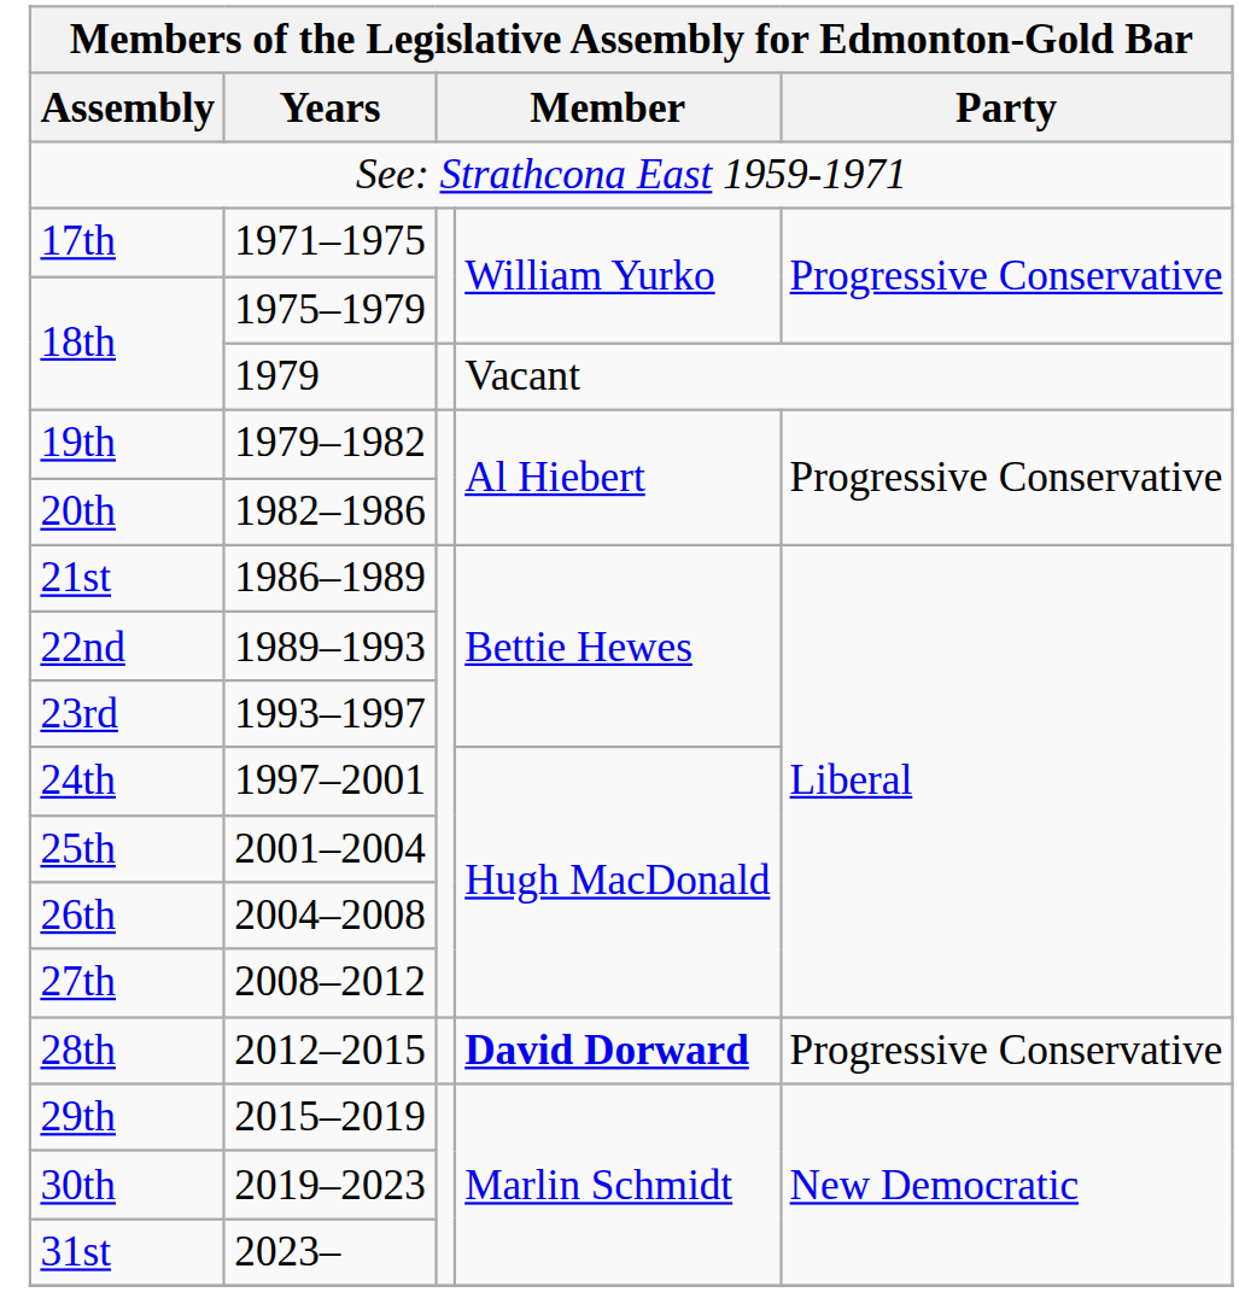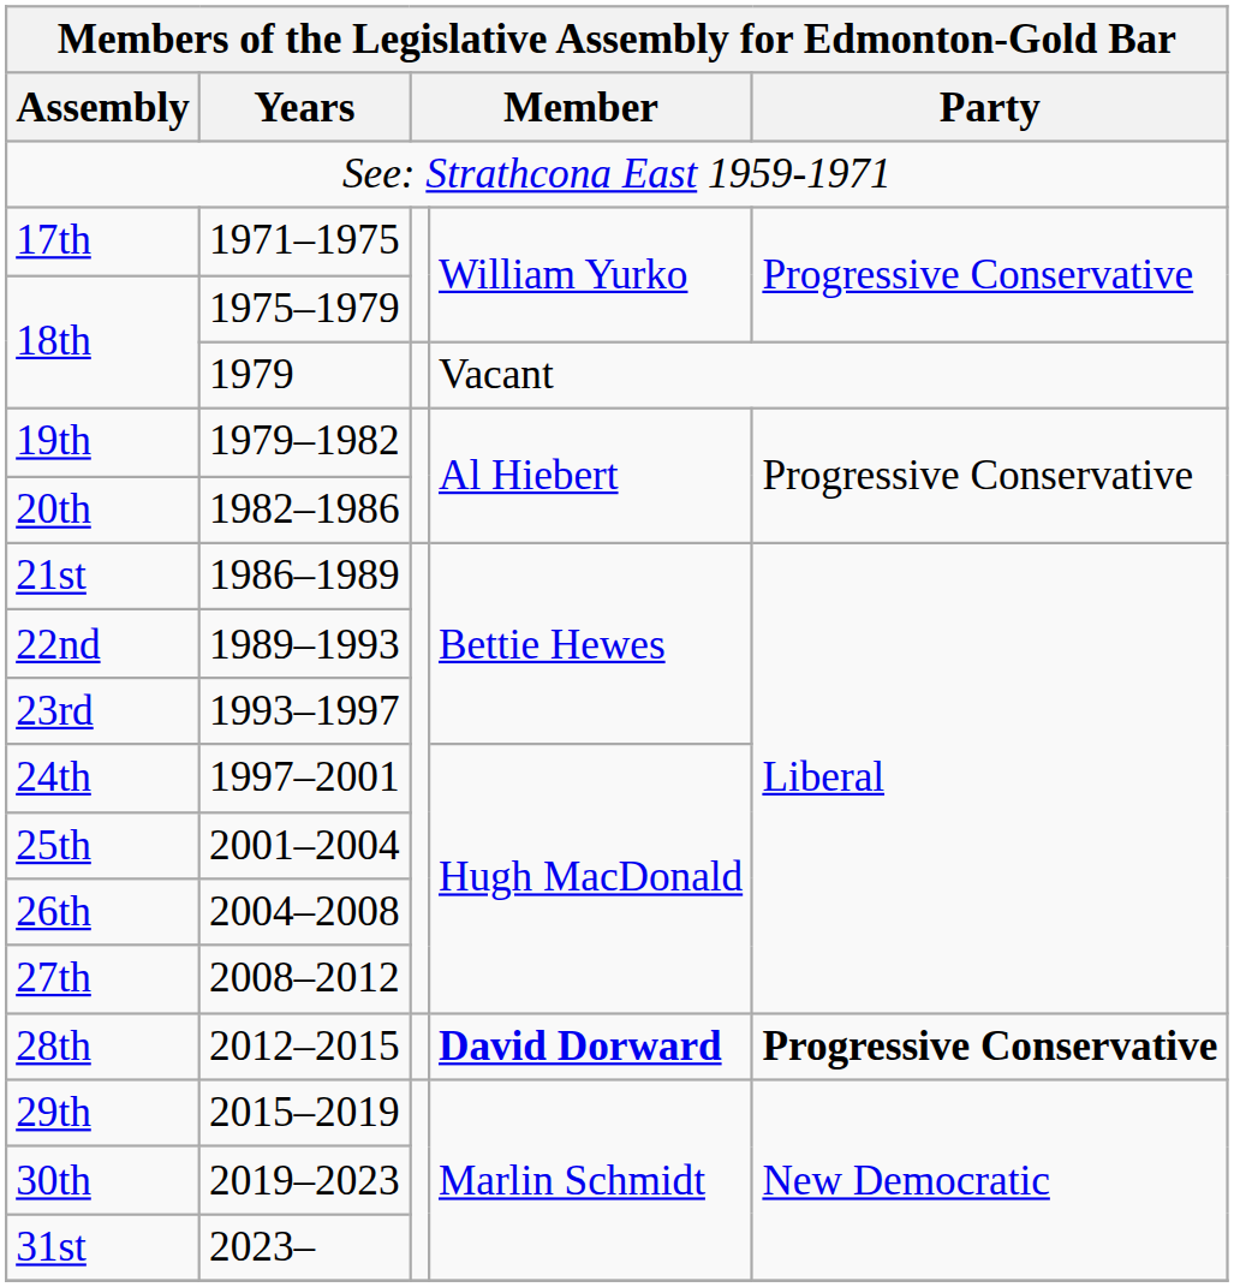 <table class="wikitable" align=right>
 <tr>
 <th colspan=5>Members of the Legislative Assembly for Edmonton-Gold Bar</th>
 </tr>
 <tr>
 <th>Assembly</th>
 <th>Years</th>
 <th colspan="2">Member</th>
 <th>Party</th>
 </tr>
 <tr>
 <td align="center" colspan=5><em>See: <a href='#'>Strathcona East</a> 1959-1971</em></td>
 </tr>
 <tr>
 <td><a href='#'>17th</a></td>
 <td>1971–1975</td>
 <td rowspan=2 ></td>
 <td rowspan=2><a href='#'>William Yurko</a></td>
 <td rowspan=2><a href='#'>Progressive Conservative</a></td>
 </tr>
 <tr>
 <td rowspan=2><a href='#'>18th</a></td>
 <td>1975–1979</td>
 </tr>
 <tr>
 <td>1979</td>
 <td></td>
 <td colspan=2>Vacant</td>
 </tr>
 <tr>
 <td><a href='#'>19th</a></td>
 <td>1979–1982</td>
 <td rowspan=2 ></td>
 <td rowspan=2><a href='#'>Al Hiebert</a></td>
 <td rowspan=2>Progressive Conservative</td>
 </tr>
 <tr>
 <td><a href='#'>20th</a></td>
 <td>1982–1986</td>
 </tr>
 <tr>
 <td><a href='#'>21st</a></td>
 <td>1986–1989</td>
 <td rowspan=7 ></td>
 <td rowspan=3><a href='#'>Bettie Hewes</a></td>
 <td rowspan=7><a href='#'>Liberal</a></td>
 </tr>
 <tr>
 <td><a href='#'>22nd</a></td>
 <td>1989–1993</td>
 </tr>
 <tr>
 <td><a href='#'>23rd</a></td>
 <td>1993–1997</td>
 </tr>
 <tr>
 <td><a href='#'>24th</a></td>
 <td>1997–2001</td>
 <td rowspan=4><a href='#'>Hugh MacDonald</a></td>
 </tr>
 <tr>
 <td><a href='#'>25th</a></td>
 <td>2001–2004</td>
 </tr>
 <tr>
 <td><a href='#'>26th</a></td>
 <td>2004–2008</td>
 </tr>
 <tr>
 <td><a href='#'>27th</a></td>
 <td>2008–2012</td>
 </tr>
 <tr>
 <td><a href='#'>28th</a></td>
 <td>2012–2015</td>
 <td rowspan=1 ></td>
 <td rowspan=1><strong><a href='#'>David Dorward</a></strong></td>
-<td rowspan=1>Progressive Conservative</td>
+<td rowspan=1><strong>Progressive Conservative</strong></td>
 </tr>
 <tr>
 <td><a href='#'>29th</a></td>
 <td>2015–2019</td>
 <td rowspan=3 ></td>
 <td rowspan=3><a href='#'>Marlin Schmidt</a></td>
 <td rowspan=3><a href='#'>New Democratic</a></td>
 </tr>
 <tr>
 <td><a href='#'>30th</a></td>
 <td>2019–2023</td>
 </tr>
 <tr>
 <td><a href='#'>31st</a></td>
 <td>2023–</td>
 </tr>
 <tr>
 </tr>
 </table>
